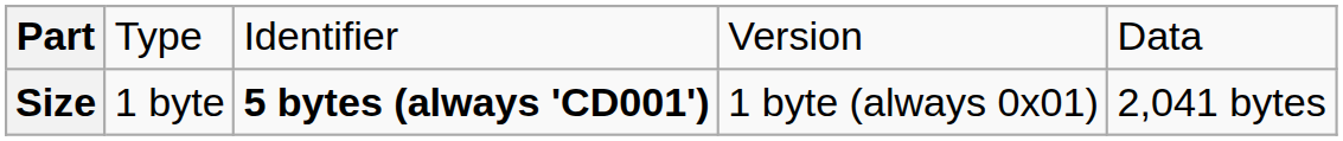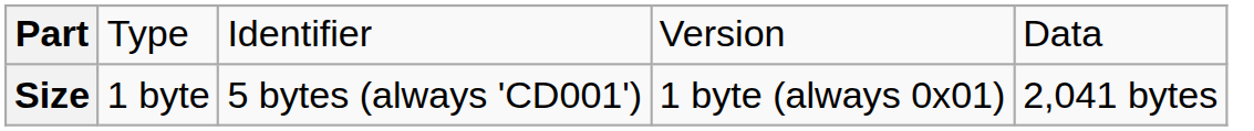 <table class="wikitable">
 <tr>
 <th>Part</th>
 <td>Type</td>
 <td>Identifier</td>
 <td>Version</td>
 <td>Data</td>
 </tr>
 <tr>
 <th>Size</th>
 <td>1 byte</td>
-<td><strong>5 bytes (always 'CD001')</strong></td>
+<td>5 bytes (always 'CD001')</td>
 <td>1 byte (always 0x01)</td>
 <td>2,041 bytes</td>
 </tr>
 </table>
